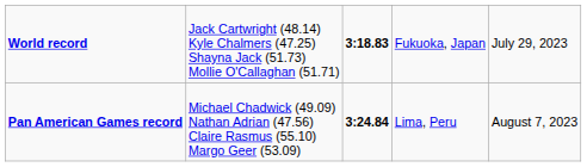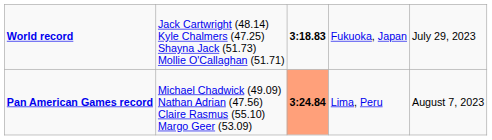 <table class="wikitable">
 <tr>
 <td><strong><a href='#'>World record</a></strong></td>
 <td><br><a href='#'>Jack Cartwright</a> (48.14)<br><a href='#'>Kyle Chalmers</a> (47.25)<br><a href='#'>Shayna Jack</a> (51.73)<br><a href='#'>Mollie O'Callaghan</a> (51.71)</td>
 <td><strong>3:18.83</strong></td>
 <td><a href='#'>Fukuoka</a>, <a href='#'>Japan</a></td>
 <td>July 29, 2023</td>
 </tr>
 <tr>
 <td><strong><a href='#'>Pan American Games record</a></strong></td>
 <td><br><a href='#'>Michael Chadwick</a> (49.09)<br><a href='#'>Nathan Adrian</a> (47.56)<br><a href='#'>Claire Rasmus</a> (55.10)<br><a href='#'>Margo Geer</a> (53.09)</td>
-<td><strong>3:24.84</strong></td>
+<td style="background: lightsalmon;"><strong>3:24.84</strong></td>
 <td><a href='#'>Lima</a>, <a href='#'>Peru</a></td>
 <td>August 7, 2023</td>
 </tr>
 </table>
